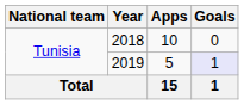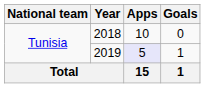 <table class=wikitable style="text-align: center">
 <tr>
 <th>National team</th>
 <th>Year</th>
 <th>Apps</th>
 <th>Goals</th>
 </tr>
 <tr>
 <td rowspan="2"><a href='#'>Tunisia</a></td>
 <td>2018</td>
 <td>10</td>
 <td>0</td>
 </tr>
 <tr>
 <td>2019</td>
-<td>5</td>
-<td style="background: lavender;">1</td>
+<td style="background: lavender;">5</td>
+<td>1</td>
 </tr>
 <tr>
 <th colspan="2">Total</th>
 <th>15</th>
 <th>1</th>
 </tr>
 </table>
